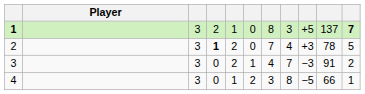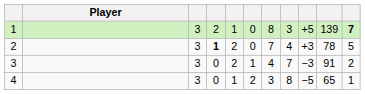 <table class="wikitable" style="text-align:center; margin: 1em auto 1em auto, align:left">
 <tr>
 <th width=20></th>
 <th width=240>Player</th>
 <th width=20></th>
 <th width=20></th>
 <th width=20></th>
 <th width=20></th>
 <th width=20></th>
 <th width=20></th>
 <th width=20></th>
 <th width=30></th>
 <th width=20></th>
 </tr>
 <tr style="background:#D0F0C0;">
-<td><strong>1</strong></td>
+<td>1</td>
 <td align=left></td>
 <td>3</td>
 <td>2</td>
 <td>1</td>
 <td>0</td>
 <td>8</td>
 <td>3</td>
 <td>+5</td>
-<td>137</td>
+<td>139</td>
 <td><strong>7</strong></td>
 </tr>
 <tr style=>
 <td>2</td>
 <td align=left></td>
 <td>3</td>
 <td><strong>1</strong></td>
 <td>2</td>
 <td>0</td>
 <td>7</td>
 <td>4</td>
 <td>+3</td>
 <td>78</td>
 <td>5</td>
 </tr>
 <tr style=>
 <td>3</td>
 <td align=left></td>
 <td>3</td>
 <td>0</td>
 <td>2</td>
 <td>1</td>
 <td>4</td>
 <td>7</td>
 <td>−3</td>
 <td>91</td>
 <td>2</td>
 </tr>
 <tr style=>
 <td>4</td>
 <td align=left></td>
 <td>3</td>
 <td>0</td>
 <td>1</td>
 <td>2</td>
 <td>3</td>
 <td>8</td>
 <td>−5</td>
-<td>66</td>
+<td>65</td>
 <td>1</td>
 </tr>
 </table>
